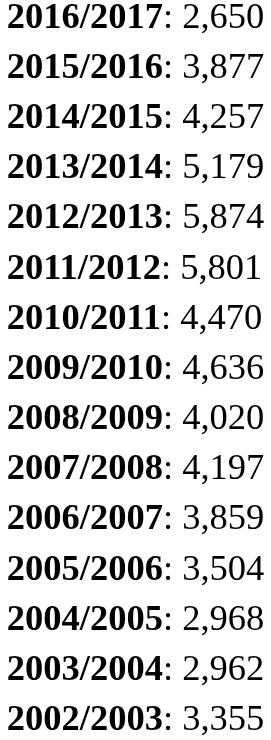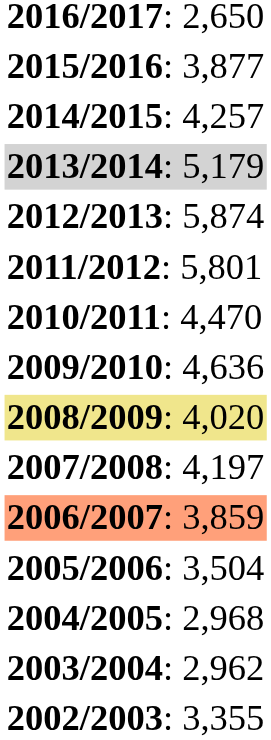 <table class="Attendances ">
 <tr>
 <td><strong>2016/2017</strong>: 2,650</td>
 </tr>
 <tr>
 <td><strong>2015/2016</strong>: 3,877</td>
 </tr>
 <tr>
 <td><strong>2014/2015</strong>: 4,257</td>
 </tr>
 <tr>
-<td><strong>2013/2014</strong>: 5,179</td>
+<td style="background: lightgrey;"><strong>2013/2014</strong>: 5,179</td>
 </tr>
 <tr>
 <td><strong>2012/2013</strong>: 5,874</td>
 </tr>
 <tr>
 <td><strong>2011/2012</strong>: 5,801</td>
 </tr>
 <tr>
 <td><strong>2010/2011</strong>: 4,470</td>
 </tr>
 <tr>
 <td><strong>2009/2010</strong>: 4,636</td>
 </tr>
 <tr>
-<td><strong>2008/2009</strong>: 4,020</td>
+<td style="background: khaki;"><strong>2008/2009</strong>: 4,020</td>
 </tr>
 <tr>
 <td><strong>2007/2008</strong>: 4,197</td>
 </tr>
 <tr>
-<td><strong>2006/2007</strong>: 3,859</td>
+<td style="background: lightsalmon;"><strong>2006/2007</strong>: 3,859</td>
 </tr>
 <tr>
 <td><strong>2005/2006</strong>: 3,504</td>
 </tr>
 <tr>
 <td><strong>2004/2005</strong>: 2,968</td>
 </tr>
 <tr>
 <td><strong>2003/2004</strong>: 2,962</td>
 </tr>
 <tr>
 <td><strong>2002/2003</strong>: 3,355</td>
 </tr>
 </table>
